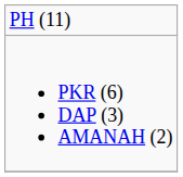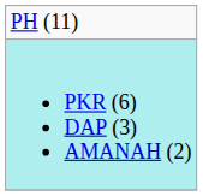 <table class="wikitable mw-collapsible mw-collapsed">
 <tr>
 <td> <a href='#'>PH</a> (11)</td>
 </tr>
 <tr>
-<td><br><ul><li> <a href='#'>PKR</a> (6)</li><li> <a href='#'>DAP</a> (3)</li><li> <a href='#'>AMANAH</a> (2)</li></ul></td>
+<td style="background: paleturquoise;"><br><ul><li> <a href='#'>PKR</a> (6)</li><li> <a href='#'>DAP</a> (3)</li><li> <a href='#'>AMANAH</a> (2)</li></ul></td>
 </tr>
 <tr>
 </tr>
 </table>
